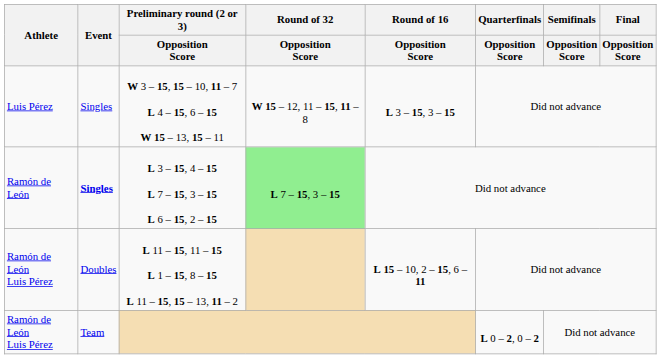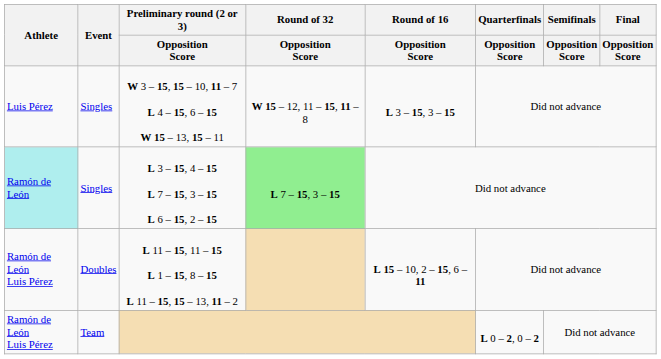 <table class="wikitable" border="1" style="font-size:90%">
 <tr>
 <th rowspan=2>Athlete</th>
 <th rowspan=2>Event</th>
 <th>Preliminary round (2 or 3)</th>
 <th>Round of 32</th>
 <th>Round of 16</th>
 <th>Quarterfinals</th>
 <th>Semifinals</th>
 <th>Final</th>
 </tr>
 <tr>
 <th>Opposition<br>Score</th>
 <th>Opposition<br>Score</th>
 <th>Opposition<br>Score</th>
 <th>Opposition<br>Score</th>
 <th>Opposition<br>Score</th>
 <th>Opposition<br>Score</th>
 </tr>
 <tr>
 <td><a href='#'>Luis Pérez</a></td>
 <td><a href='#'>Singles</a></td>
 <td align=center><br><strong>W</strong> 3 – <strong>15</strong>, <strong>15</strong> – 10, <strong>11</strong> – 7<br><br><strong>L</strong> 4 – <strong>15</strong>, 6 – <strong>15</strong><br><br><strong>W</strong> <strong>15</strong> – 13, <strong>15</strong> – 11</td>
 <td align=center><br><strong>W</strong> <strong>15</strong> – 12, 11 – <strong>15</strong>, <strong>11</strong> – 8</td>
 <td align=center><br><strong>L</strong> 3 – <strong>15</strong>, 3 – <strong>15</strong></td>
 <td align="center" colspan="7">Did not advance</td>
 </tr>
 <tr>
-<td><a href='#'>Ramón de León</a></td>
-<td><strong><a href='#'>Singles</a></strong></td>
+<td style="background: paleturquoise;"><a href='#'>Ramón de León</a></td>
+<td><a href='#'>Singles</a></td>
 <td align=center><br><strong>L</strong> 3 – <strong>15</strong>, 4 – <strong>15</strong><br><br><strong>L</strong> 7 – <strong>15</strong>, 3 – <strong>15</strong><br><br><strong>L</strong> 6 – <strong>15</strong>, 2 – <strong>15</strong></td>
 <td align=center style="background: lightgreen;"><br><strong>L</strong> 7 – <strong>15</strong>, 3 – <strong>15</strong></td>
 <td align="center" colspan="7">Did not advance</td>
 </tr>
 <tr>
 <td><a href='#'>Ramón de León</a><br><a href='#'>Luis Pérez</a></td>
 <td><a href='#'>Doubles</a></td>
 <td align=center><br><strong>L</strong> 11 – <strong>15</strong>, 11 – <strong>15</strong><br><br><strong>L</strong> 1 – <strong>15</strong>, 8 – <strong>15</strong><br><br><strong>L</strong> 11 – <strong>15</strong>, <strong>15</strong> – 13, <strong>11</strong> – 2</td>
 <td align=center bgcolor=wheat></td>
 <td align=center><br><strong>L</strong> <strong>15</strong> – 10, 2 – <strong>15</strong>, 6 – <strong>11</strong></td>
 <td align="center" colspan="7">Did not advance</td>
 </tr>
 <tr>
 <td><a href='#'>Ramón de León</a><br><a href='#'>Luis Pérez</a></td>
 <td><a href='#'>Team</a></td>
 <td align=center bgcolor=wheat colspan=3></td>
 <td align=center><br><strong>L</strong> 0 – <strong>2</strong>, 0 – <strong>2</strong></td>
 <td align="center" colspan="7">Did not advance</td>
 </tr>
 </table>
